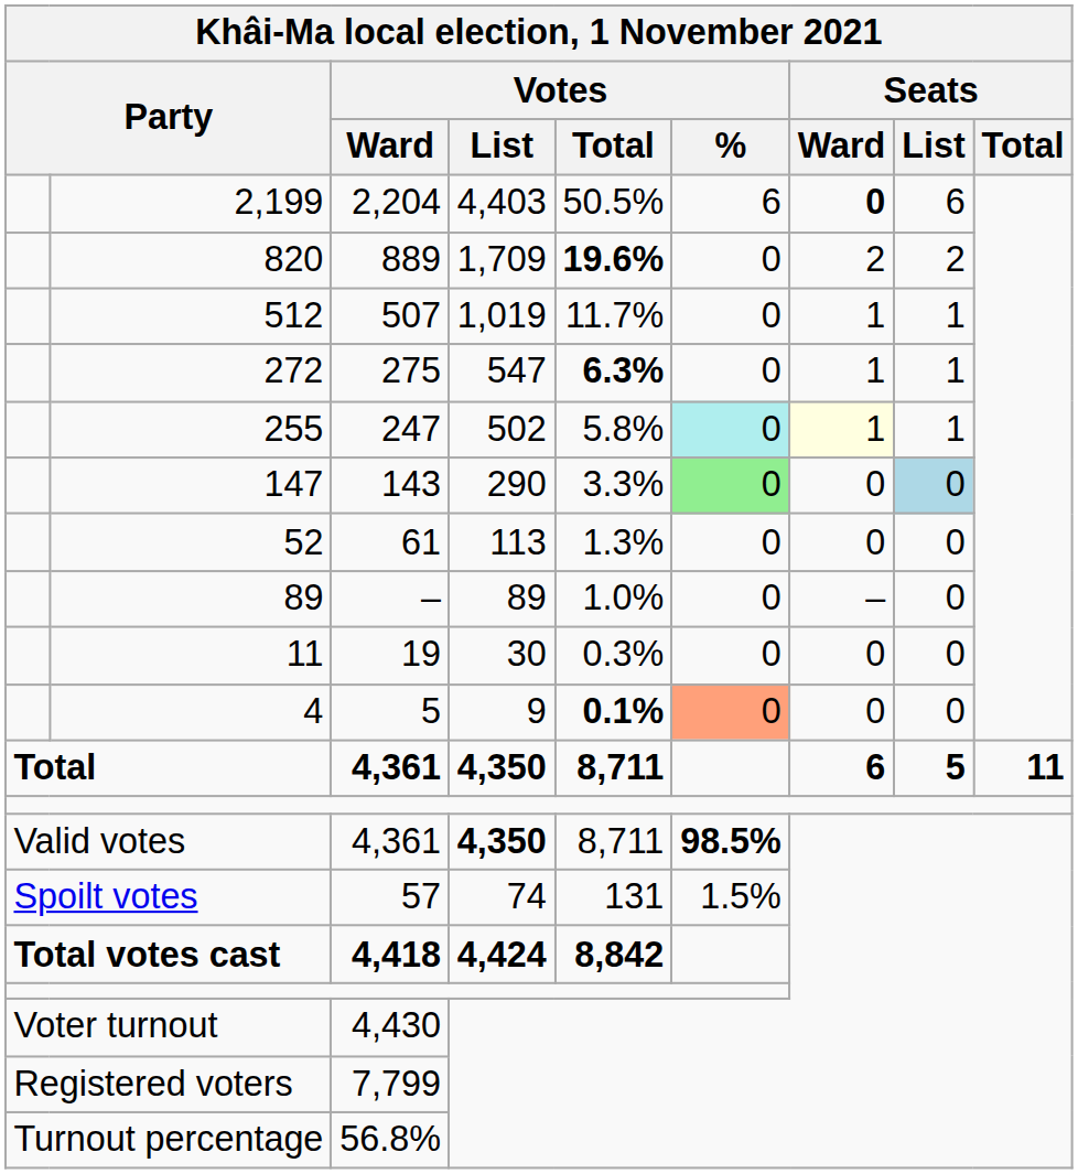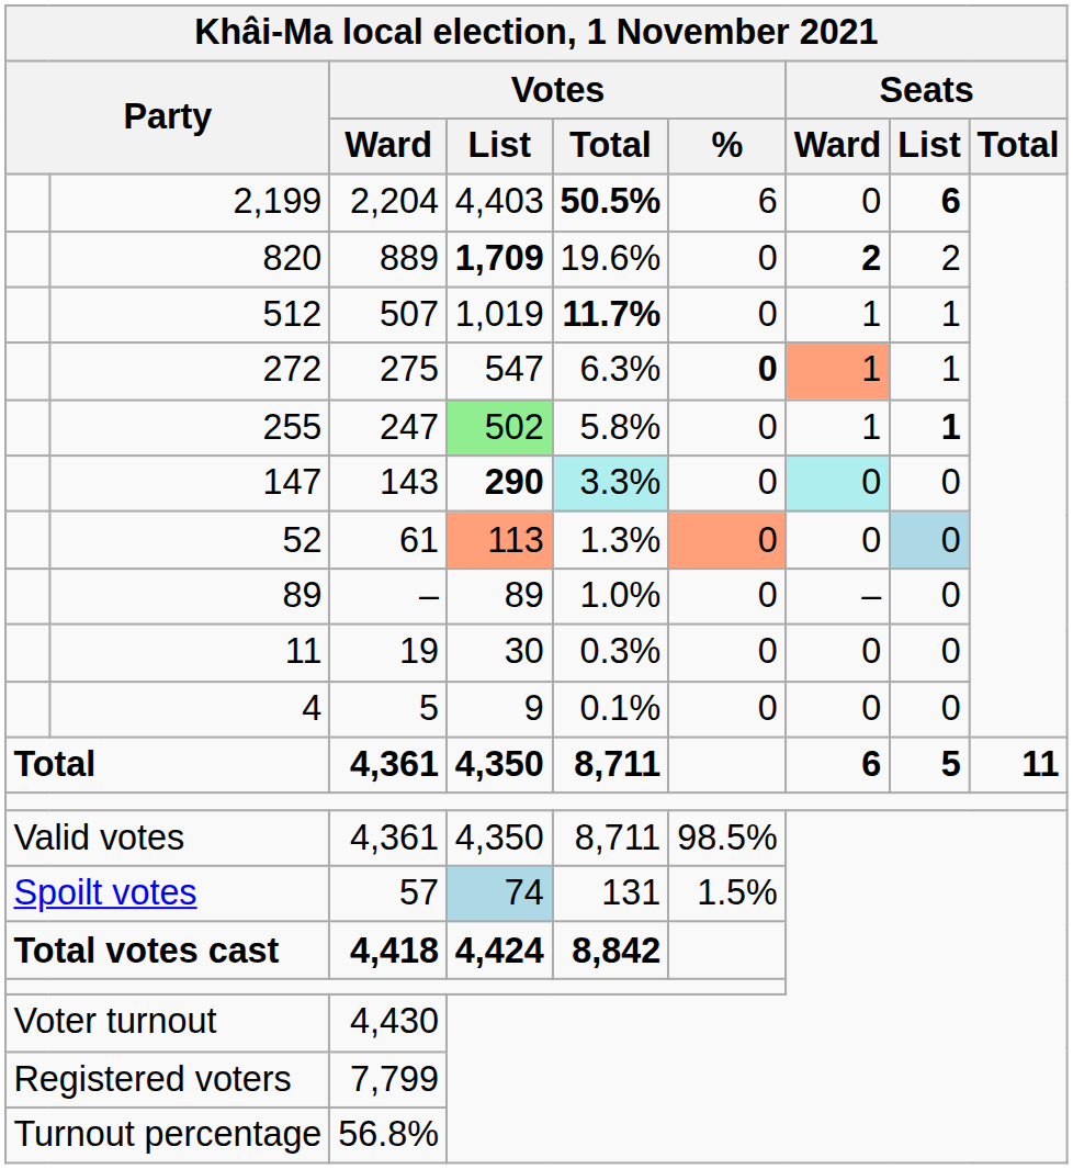 <table class=wikitable style="text-align:right">
 <tr>
 <th colspan="9" align="center">Khâi-Ma local election, 1 November 2021</th>
 </tr>
 <tr>
 <th rowspan="2" colspan="2">Party</th>
 <th colspan="4" align="center">Votes</th>
 <th colspan="3" align="center">Seats</th>
 </tr>
 <tr>
 <th>Ward</th>
 <th>List</th>
 <th>Total</th>
 <th>%</th>
 <th>Ward</th>
 <th>List</th>
 <th>Total</th>
 </tr>
 <tr>
 <td></td>
 <td>2,199</td>
 <td>2,204</td>
 <td>4,403</td>
-<td>50.5%</td>
+<td><strong>50.5%</strong></td>
 <td>6</td>
-<td><strong>0</strong></td>
-<td>6</td>
+<td>0</td>
+<td><strong>6</strong></td>
 </tr>
 <tr>
 <td></td>
 <td>820</td>
 <td>889</td>
-<td>1,709</td>
-<td><strong>19.6%</strong></td>
+<td><strong>1,709</strong></td>
+<td>19.6%</td>
 <td>0</td>
-<td>2</td>
+<td><strong>2</strong></td>
 <td>2</td>
 </tr>
 <tr>
 <td></td>
 <td>512</td>
 <td>507</td>
 <td>1,019</td>
-<td>11.7%</td>
+<td><strong>11.7%</strong></td>
 <td>0</td>
 <td>1</td>
 <td>1</td>
 </tr>
 <tr>
 <td></td>
 <td>272</td>
 <td>275</td>
 <td>547</td>
-<td><strong>6.3%</strong></td>
-<td>0</td>
-<td>1</td>
+<td>6.3%</td>
+<td><strong>0</strong></td>
+<td style="background: lightsalmon;">1</td>
 <td>1</td>
 </tr>
 <tr>
 <td></td>
 <td>255</td>
 <td>247</td>
-<td>502</td>
+<td style="background: lightgreen;">502</td>
 <td>5.8%</td>
-<td style="background: paleturquoise;">0</td>
-<td style="background: lightyellow;">1</td>
+<td>0</td>
 <td>1</td>
+<td><strong>1</strong></td>
 </tr>
 <tr>
 <td></td>
 <td>147</td>
 <td>143</td>
-<td>290</td>
-<td>3.3%</td>
-<td style="background: lightgreen;">0</td>
+<td><strong>290</strong></td>
+<td style="background: paleturquoise;">3.3%</td>
 <td>0</td>
-<td style="background: lightblue;">0</td>
+<td style="background: paleturquoise;">0</td>
+<td>0</td>
 </tr>
 <tr>
 <td></td>
 <td>52</td>
 <td>61</td>
-<td>113</td>
+<td style="background: lightsalmon;">113</td>
 <td>1.3%</td>
+<td style="background: lightsalmon;">0</td>
 <td>0</td>
-<td>0</td>
-<td>0</td>
+<td style="background: lightblue;">0</td>
 </tr>
 <tr>
 <td></td>
 <td>89</td>
 <td>–</td>
 <td>89</td>
 <td>1.0%</td>
 <td>0</td>
 <td>–</td>
 <td>0</td>
 </tr>
 <tr>
 <td></td>
 <td>11</td>
 <td>19</td>
 <td>30</td>
 <td>0.3%</td>
 <td>0</td>
 <td>0</td>
 <td>0</td>
 </tr>
 <tr>
 <td></td>
 <td>4</td>
 <td>5</td>
 <td>9</td>
-<td><strong>0.1%</strong></td>
-<td style="background: lightsalmon;">0</td>
+<td>0.1%</td>
+<td>0</td>
 <td>0</td>
 <td>0</td>
 </tr>
 <tr>
 <td colspan="2" style="text-align:left"><strong>Total</strong></td>
 <td><strong>4,361</strong></td>
 <td><strong>4,350</strong></td>
 <td><strong>8,711</strong></td>
 <td></td>
 <td><strong>6</strong></td>
 <td><strong>5</strong></td>
 <td><strong>11</strong></td>
 </tr>
 <tr>
 <td colspan="9"></td>
 </tr>
 <tr>
 <td colspan="2" style="text-align:left">Valid votes</td>
 <td>4,361</td>
-<td><strong>4,350</strong></td>
+<td>4,350</td>
 <td>8,711</td>
-<td><strong>98.5%</strong></td>
+<td>98.5%</td>
 </tr>
 <tr>
 <td colspan="2" style="text-align:left"><a href='#'>Spoilt votes</a></td>
 <td>57</td>
-<td>74</td>
+<td style="background: lightblue;">74</td>
 <td>131</td>
 <td>1.5%</td>
 </tr>
 <tr>
 <td colspan="2" style="text-align:left"><strong>Total votes cast</strong></td>
 <td><strong>4,418</strong></td>
 <td><strong>4,424</strong></td>
 <td><strong>8,842</strong></td>
 <td></td>
 </tr>
 <tr>
 <td colspan="6"></td>
 </tr>
 <tr>
 <td colspan="2" style="text-align:left">Voter turnout</td>
 <td>4,430</td>
 </tr>
 <tr>
 <td colspan="2" style="text-align:left">Registered voters</td>
 <td>7,799</td>
 </tr>
 <tr>
 <td colspan="2" style="text-align:left">Turnout percentage</td>
 <td>56.8%</td>
 </tr>
 </table>
